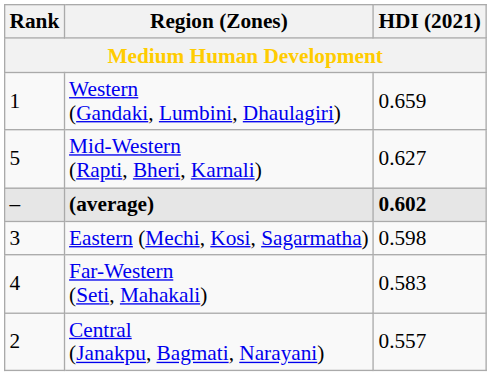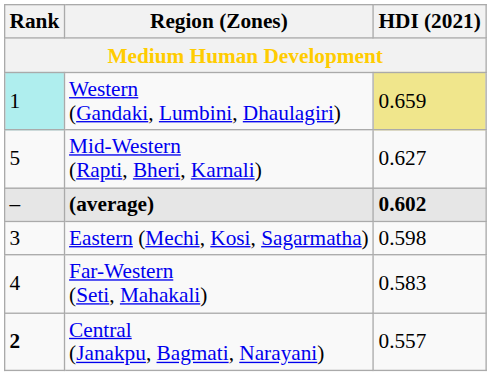 <table class="wikitable convertible">
 <tr>
 <th>Rank</th>
 <th>Region (Zones)</th>
 <th>HDI (2021)</th>
 </tr>
 <tr>
 <th colspan="3" style="color:#fc0;">Medium Human Development</th>
 </tr>
 <tr>
-<td>1</td>
+<td style="background: paleturquoise;">1</td>
 <td><a href='#'>Western</a><br>(<a href='#'>Gandaki</a>, <a href='#'>Lumbini</a>, <a href='#'>Dhaulagiri</a>)</td>
-<td>0.659</td>
+<td style="background: khaki;">0.659</td>
 </tr>
 <tr>
 <td>5</td>
 <td><a href='#'>Mid-Western</a><br>(<a href='#'>Rapti</a>, <a href='#'>Bheri</a>, <a href='#'>Karnali</a>)</td>
 <td>0.627</td>
 </tr>
 <tr style="background:#e6e6e6">
 <td>–</td>
 <td><strong> (average)</strong></td>
 <td><strong>0.602</strong></td>
 </tr>
 <tr>
 <td>3</td>
 <td><a href='#'>Eastern</a> (<a href='#'>Mechi</a>, <a href='#'>Kosi</a>, <a href='#'>Sagarmatha</a>)</td>
 <td>0.598</td>
 </tr>
 <tr>
 <td>4</td>
 <td><a href='#'>Far-Western</a><br>(<a href='#'>Seti</a>, <a href='#'>Mahakali</a>)</td>
 <td>0.583</td>
 </tr>
 <tr>
-<td>2</td>
+<td><strong>2</strong></td>
 <td><a href='#'>Central</a><br>(<a href='#'>Janakpu</a>, <a href='#'>Bagmati</a>, <a href='#'>Narayani</a>)</td>
 <td>0.557</td>
 </tr>
 </table>
